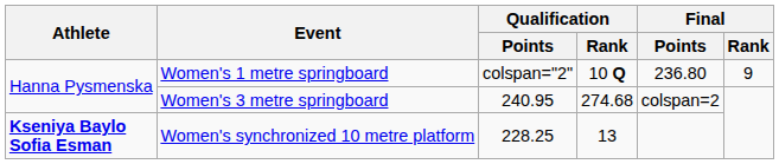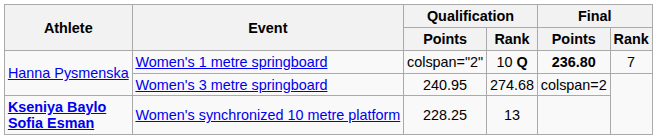 <table class="wikitable" style="text-align: center; font-size:90%">
 <tr>
 <th rowspan="2">Athlete</th>
 <th rowspan="2">Event</th>
 <th colspan="2">Qualification</th>
 <th colspan="2">Final</th>
 </tr>
 <tr>
 <th>Points</th>
 <th>Rank</th>
 <th>Points</th>
 <th>Rank</th>
 </tr>
 <tr>
 <td align="left" rowspan=2><a href='#'>Hanna Pysmenska</a></td>
 <td align="left"><a href='#'>Women's 1 metre springboard</a></td>
 <td>colspan="2" </td>
 <td>10 <strong>Q</strong></td>
-<td>236.80</td>
-<td>9</td>
+<td><strong>236.80</strong></td>
+<td>7</td>
 </tr>
 <tr>
 <td align="left"><a href='#'>Women's 3 metre springboard</a></td>
 <td>240.95</td>
 <td>274.68</td>
 <td>colspan=2 </td>
 </tr>
 <tr>
 <td align="left"><strong><a href='#'>Kseniya Baylo</a><br><a href='#'>Sofia Esman</a></strong></td>
 <td align="left"><a href='#'>Women's synchronized 10 metre platform</a></td>
 <td>228.25</td>
 <td>13</td>
 <td></td>
 </tr>
 </table>
